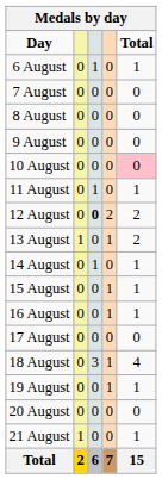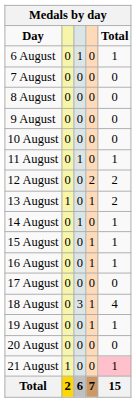 <table class="wikitable" style="font-size:85%; float:right">
 <tr align=center>
 <th colspan=7>Medals by day</th>
 </tr>
 <tr align=center>
 <td><strong>Day</strong></td>
 <td style="background:#f7f6a8;"></td>
 <td style="background:#dce5e5;"></td>
 <td style="background:#ffdab9;"></td>
 <td><strong>Total</strong></td>
 </tr>
 <tr align=center>
 <td>6 August</td>
 <td style="background:#f7f6a8;">0</td>
 <td style="background:#dce5e5;">1</td>
 <td style="background:#ffdab9;">0</td>
 <td>1</td>
 </tr>
 <tr align=center>
 <td>7 August</td>
 <td style="background:#f7f6a8;">0</td>
 <td style="background:#dce5e5;">0</td>
 <td style="background:#ffdab9;">0</td>
 <td>0</td>
 </tr>
 <tr align=center>
 <td>8 August</td>
 <td style="background:#f7f6a8;">0</td>
 <td style="background:#dce5e5;">0</td>
 <td style="background:#ffdab9;">0</td>
 <td>0</td>
 </tr>
 <tr align=center>
 <td>9 August</td>
 <td style="background:#f7f6a8;">0</td>
 <td style="background:#dce5e5;">0</td>
 <td style="background:#ffdab9;">0</td>
 <td>0</td>
 </tr>
 <tr align=center>
 <td>10 August</td>
 <td style="background:#f7f6a8;">0</td>
 <td style="background:#dce5e5;">0</td>
 <td style="background:#ffdab9;">0</td>
-<td style="background: pink;">0</td>
+<td>0</td>
 </tr>
 <tr align=center>
 <td>11 August</td>
 <td style="background:#f7f6a8;">0</td>
 <td style="background:#dce5e5;">1</td>
 <td style="background:#ffdab9;">0</td>
 <td>1</td>
 </tr>
 <tr align=center>
 <td>12 August</td>
 <td style="background:#f7f6a8;">0</td>
-<td style="background:#dce5e5;"><strong>0</strong></td>
+<td style="background:#dce5e5;">0</td>
 <td style="background:#ffdab9;">2</td>
 <td>2</td>
 </tr>
 <tr align=center>
 <td>13 August</td>
 <td style="background:#f7f6a8;">1</td>
 <td style="background:#dce5e5;">0</td>
 <td style="background:#ffdab9;">1</td>
 <td>2</td>
 </tr>
 <tr align=center>
 <td>14 August</td>
 <td style="background:#f7f6a8;">0</td>
 <td style="background:#dce5e5;">1</td>
 <td style="background:#ffdab9;">0</td>
 <td>1</td>
 </tr>
 <tr align=center>
 <td>15 August</td>
 <td style="background:#f7f6a8;">0</td>
 <td style="background:#dce5e5;">0</td>
 <td style="background:#ffdab9;">1</td>
 <td>1</td>
 </tr>
 <tr align=center>
 <td>16 August</td>
 <td style="background:#f7f6a8;">0</td>
 <td style="background:#dce5e5;">0</td>
 <td style="background:#ffdab9;">1</td>
 <td>1</td>
 </tr>
 <tr align=center>
 <td>17 August</td>
 <td style="background:#f7f6a8;">0</td>
 <td style="background:#dce5e5;">0</td>
 <td style="background:#ffdab9;">0</td>
 <td>0</td>
 </tr>
 <tr align=center>
 <td>18 August</td>
 <td style="background:#f7f6a8;">0</td>
 <td style="background:#dce5e5;">3</td>
 <td style="background:#ffdab9;">1</td>
 <td>4</td>
 </tr>
 <tr align=center>
 <td>19 August</td>
 <td style="background:#f7f6a8;">0</td>
 <td style="background:#dce5e5;">0</td>
 <td style="background:#ffdab9;">1</td>
 <td>1</td>
 </tr>
 <tr align=center>
 <td>20 August</td>
 <td style="background:#f7f6a8;">0</td>
 <td style="background:#dce5e5;">0</td>
 <td style="background:#ffdab9;">0</td>
 <td>0</td>
 </tr>
 <tr align=center>
 <td>21 August</td>
 <td style="background:#f7f6a8;">1</td>
 <td style="background:#dce5e5;">0</td>
 <td style="background:#ffdab9;">0</td>
-<td>1</td>
+<td style="background: pink;">1</td>
 </tr>
 <tr align=center>
 <th>Total</th>
 <th style="background:gold;">2</th>
 <th style="background:silver;">6</th>
 <th style="background:#c96;">7</th>
 <th>15</th>
 </tr>
 </table>
